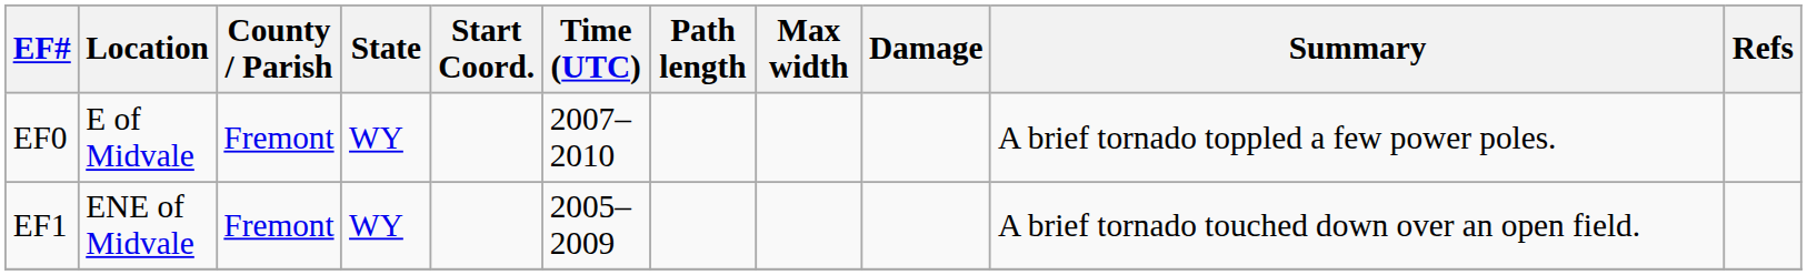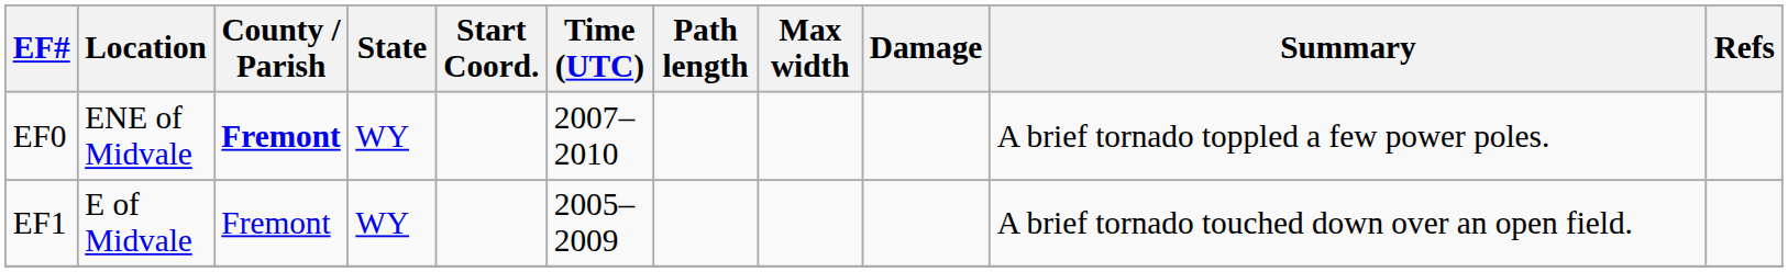 <table class="wikitable sortable" style="width:100%;">
 <tr>
 <th scope="col" width="3%" align="center"><a href='#'>EF#</a></th>
 <th scope="col" width="7%" align="center" class="unsortable">Location</th>
 <th scope="col" width="6%" align="center" class="unsortable">County / Parish</th>
 <th scope="col" width="5%" align="center">State</th>
 <th scope="col" width="6%" align="center">Start Coord.</th>
 <th scope="col" width="6%" align="center">Time (<a href='#'>UTC</a>)</th>
 <th scope="col" width="6%" align="center">Path length</th>
 <th scope="col" width="6%" align="center">Max width</th>
 <th scope="col" width="6%" align="center">Damage</th>
 <th scope="col" width="48%" class="unsortable" align="center">Summary</th>
 <th scope="col" width="48%" class="unsortable" align="center">Refs</th>
 </tr>
 <tr>
 <td>EF0</td>
-<td>E of <a href='#'>Midvale</a></td>
-<td><a href='#'>Fremont</a></td>
+<td>ENE of <a href='#'>Midvale</a></td>
+<td><strong><a href='#'>Fremont</a></strong></td>
 <td><a href='#'>WY</a></td>
 <td></td>
 <td>2007–2010</td>
 <td></td>
 <td></td>
 <td></td>
 <td>A brief tornado toppled a few power poles.</td>
 <td></td>
 </tr>
 <tr>
 <td>EF1</td>
-<td>ENE of <a href='#'>Midvale</a></td>
+<td>E of <a href='#'>Midvale</a></td>
 <td><a href='#'>Fremont</a></td>
 <td><a href='#'>WY</a></td>
 <td></td>
 <td>2005–2009</td>
 <td></td>
 <td></td>
 <td></td>
 <td>A brief tornado touched down over an open field.</td>
 <td></td>
 </tr>
 <tr>
 </tr>
 </table>
